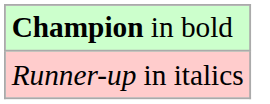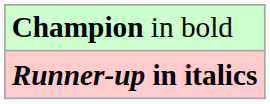 <table class="wikitable">
 <tr style="background:#cfc;">
 <td><strong>Champion</strong> in bold</td>
 </tr>
 <tr style="background:#fcc;">
-<td><em>Runner-up</em> in italics</td>
+<td><strong><em>Runner-up</em> in italics</strong></td>
 </tr>
 </table>
